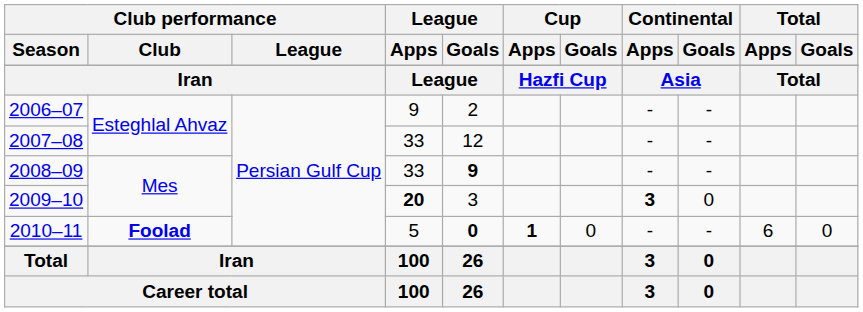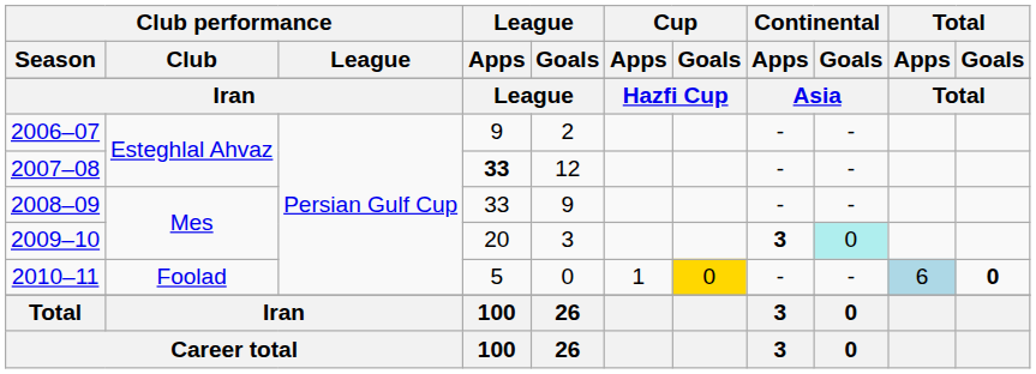 <table class="wikitable" style="text-align:center">
 <tr>
 <th colspan=3>Club performance</th>
 <th colspan=2>League</th>
 <th colspan=2>Cup</th>
 <th colspan=2>Continental</th>
 <th colspan=2>Total</th>
 </tr>
 <tr>
 <th>Season</th>
 <th>Club</th>
 <th>League</th>
 <th>Apps</th>
 <th>Goals</th>
 <th>Apps</th>
 <th>Goals</th>
 <th>Apps</th>
 <th>Goals</th>
 <th>Apps</th>
 <th>Goals</th>
 </tr>
 <tr>
 </tr>
 <tr>
 <th colspan=3>Iran</th>
 <th colspan=2>League</th>
 <th colspan=2><a href='#'>Hazfi Cup</a></th>
 <th colspan=2><a href='#'>Asia</a></th>
 <th colspan=2>Total</th>
 </tr>
 <tr>
 <td><a href='#'>2006–07</a></td>
 <td rowspan="2"><a href='#'>Esteghlal Ahvaz</a></td>
 <td rowspan="5"><a href='#'>Persian Gulf Cup</a></td>
 <td>9</td>
 <td>2</td>
 <td></td>
 <td></td>
 <td>-</td>
 <td>-</td>
 <td></td>
 <td></td>
 </tr>
 <tr>
 <td><a href='#'>2007–08</a></td>
-<td>33</td>
+<td><strong>33</strong></td>
 <td>12</td>
 <td></td>
 <td></td>
 <td>-</td>
 <td>-</td>
 <td></td>
 <td></td>
 </tr>
 <tr>
 <td><a href='#'>2008–09</a></td>
 <td rowspan="2"><a href='#'>Mes</a></td>
 <td>33</td>
-<td><strong>9</strong></td>
+<td>9</td>
 <td></td>
 <td></td>
 <td>-</td>
 <td>-</td>
 <td></td>
 <td></td>
 </tr>
 <tr>
 <td><a href='#'>2009–10</a></td>
-<td><strong>20</strong></td>
+<td>20</td>
 <td>3</td>
 <td></td>
 <td></td>
 <td><strong>3</strong></td>
-<td>0</td>
+<td style="background: paleturquoise;">0</td>
 <td></td>
 <td></td>
 </tr>
 <tr>
 <td><a href='#'>2010–11</a></td>
-<td rowspan="1"><strong><a href='#'>Foolad</a></strong></td>
+<td rowspan="1"><a href='#'>Foolad</a></td>
 <td>5</td>
-<td><strong>0</strong></td>
-<td><strong>1</strong></td>
 <td>0</td>
+<td>1</td>
+<td style="background: gold;">0</td>
 <td>-</td>
 <td>-</td>
-<td>6</td>
-<td>0</td>
+<td style="background: lightblue;">6</td>
+<td><strong>0</strong></td>
 </tr>
 <tr>
 </tr>
 <tr>
 <th rowspan=1>Total</th>
 <th colspan=2>Iran</th>
 <th>100</th>
 <th>26</th>
 <th></th>
 <th></th>
 <th>3</th>
 <th>0</th>
 <th></th>
 <th></th>
 </tr>
 <tr>
 <th colspan=3>Career total</th>
 <th>100</th>
 <th>26</th>
 <th></th>
 <th></th>
 <th>3</th>
 <th>0</th>
 <th></th>
 <th></th>
 </tr>
 </table>
